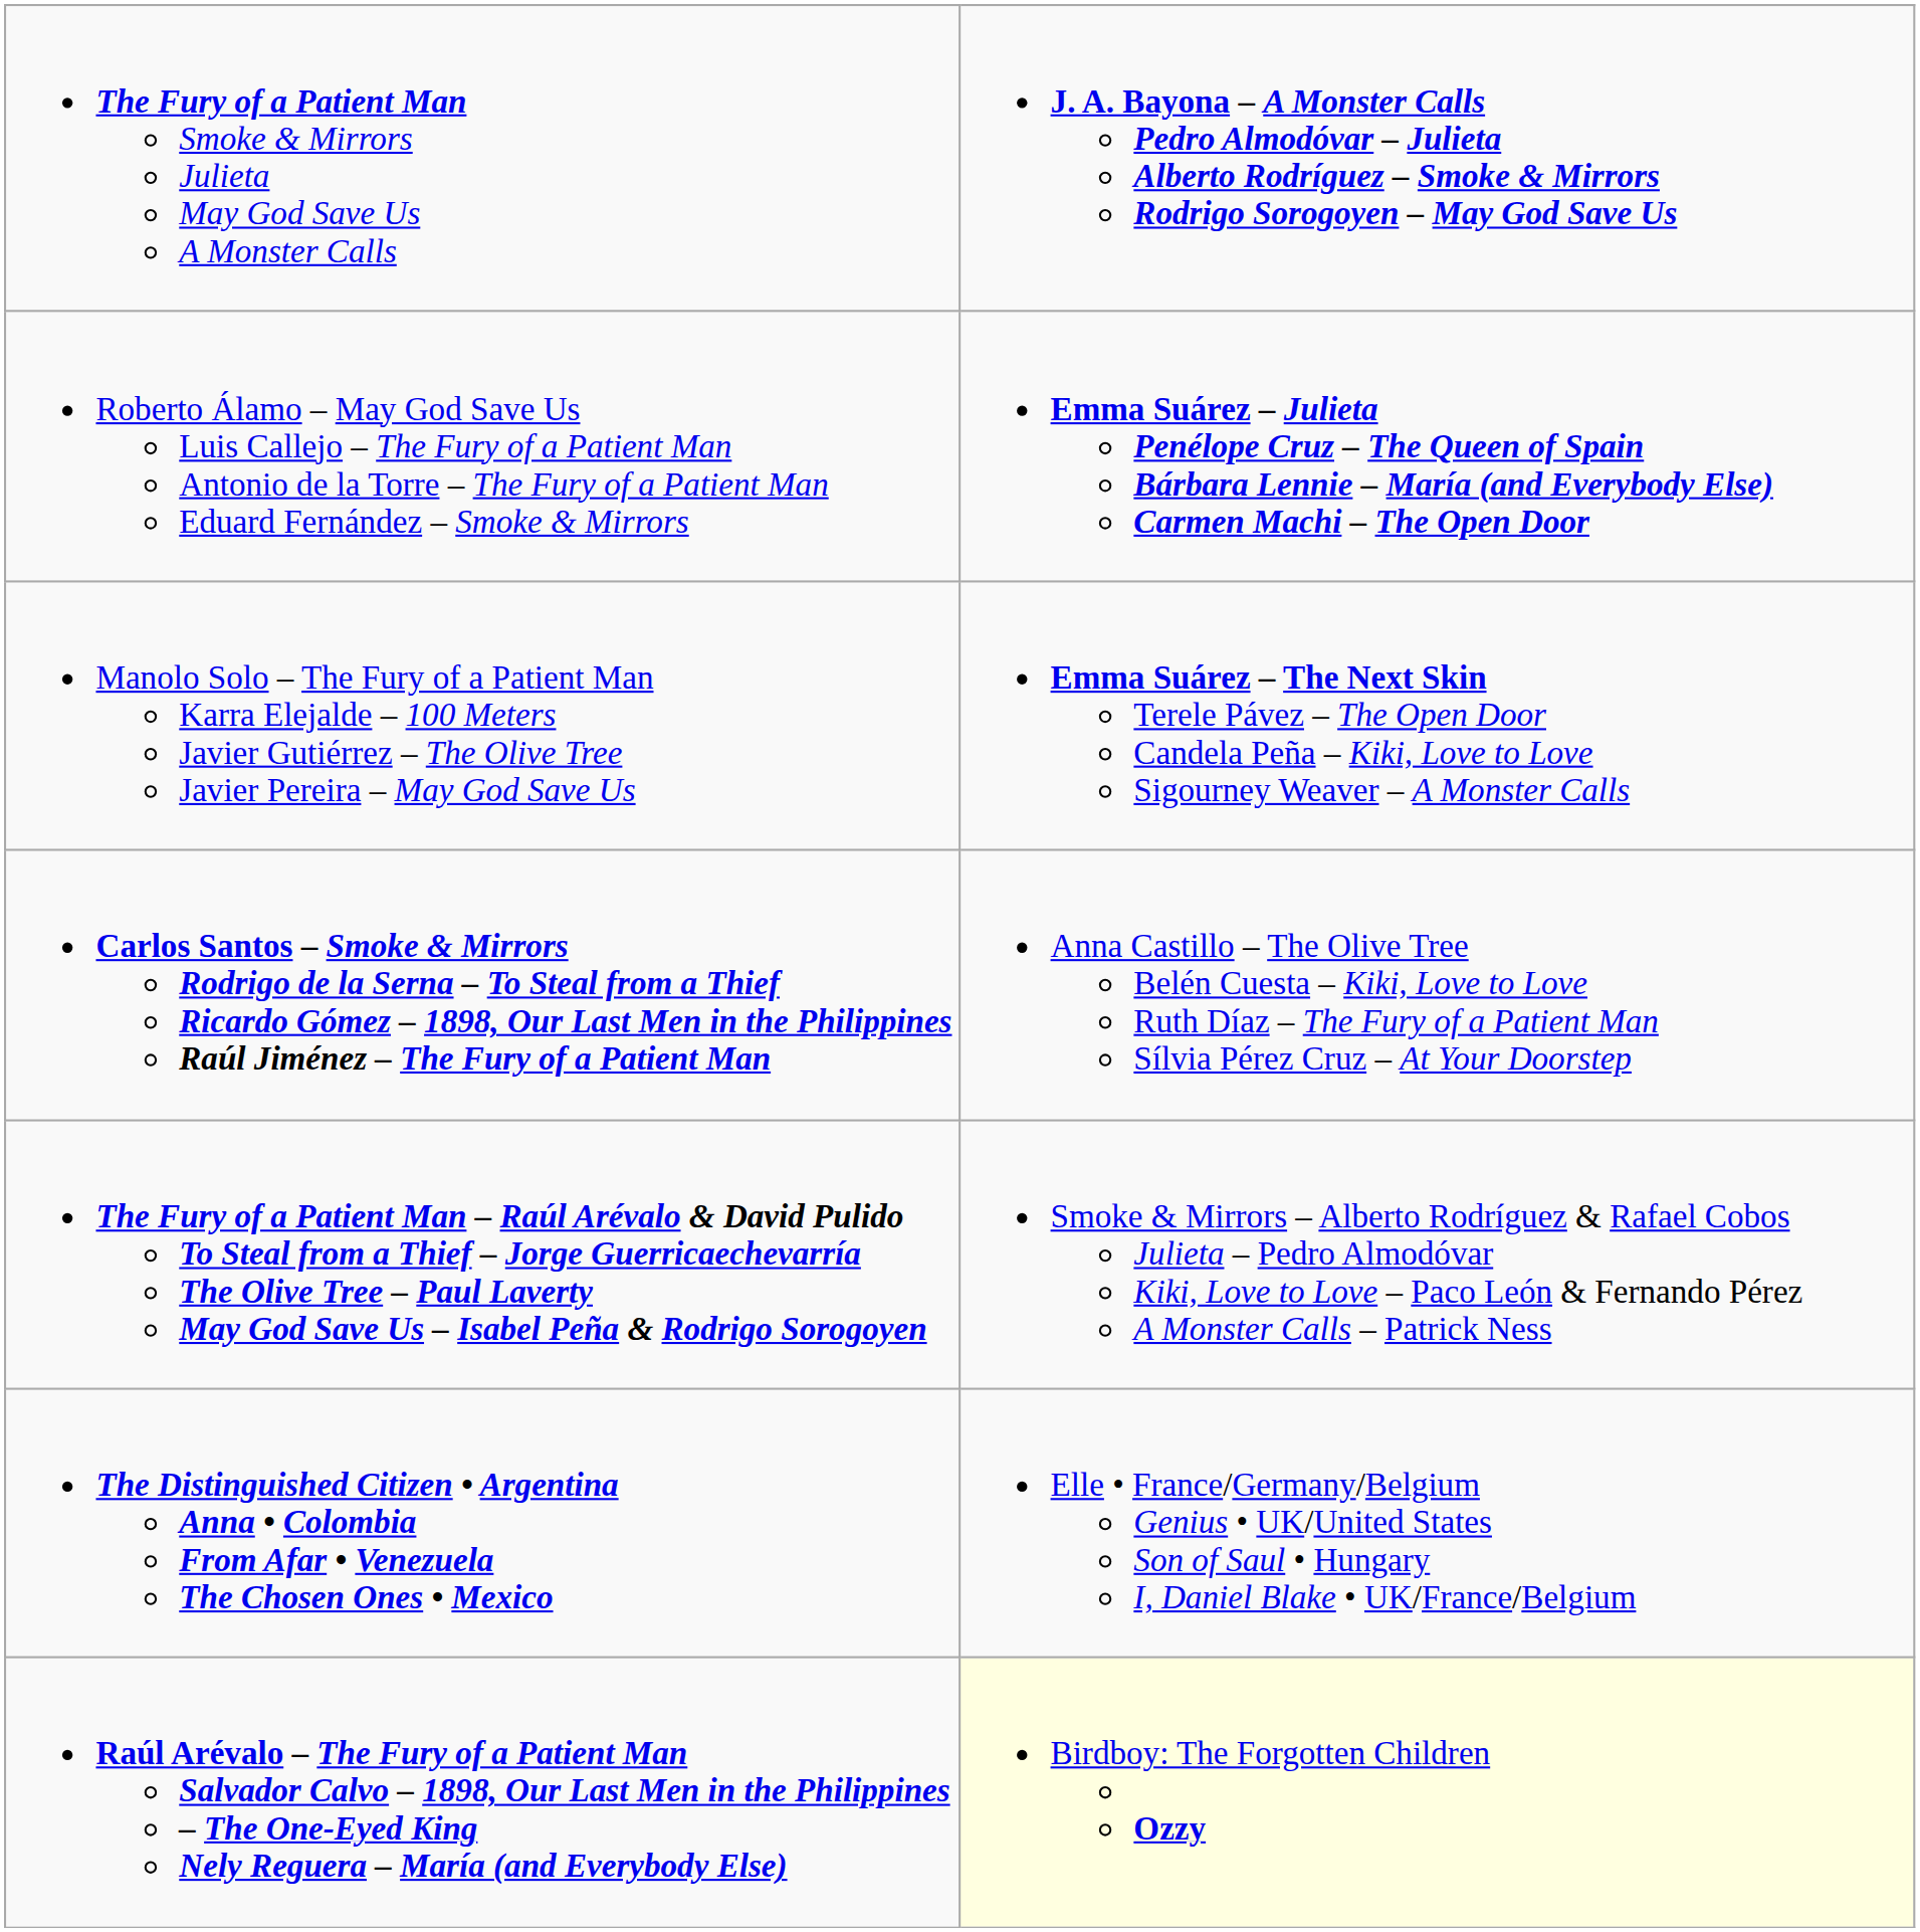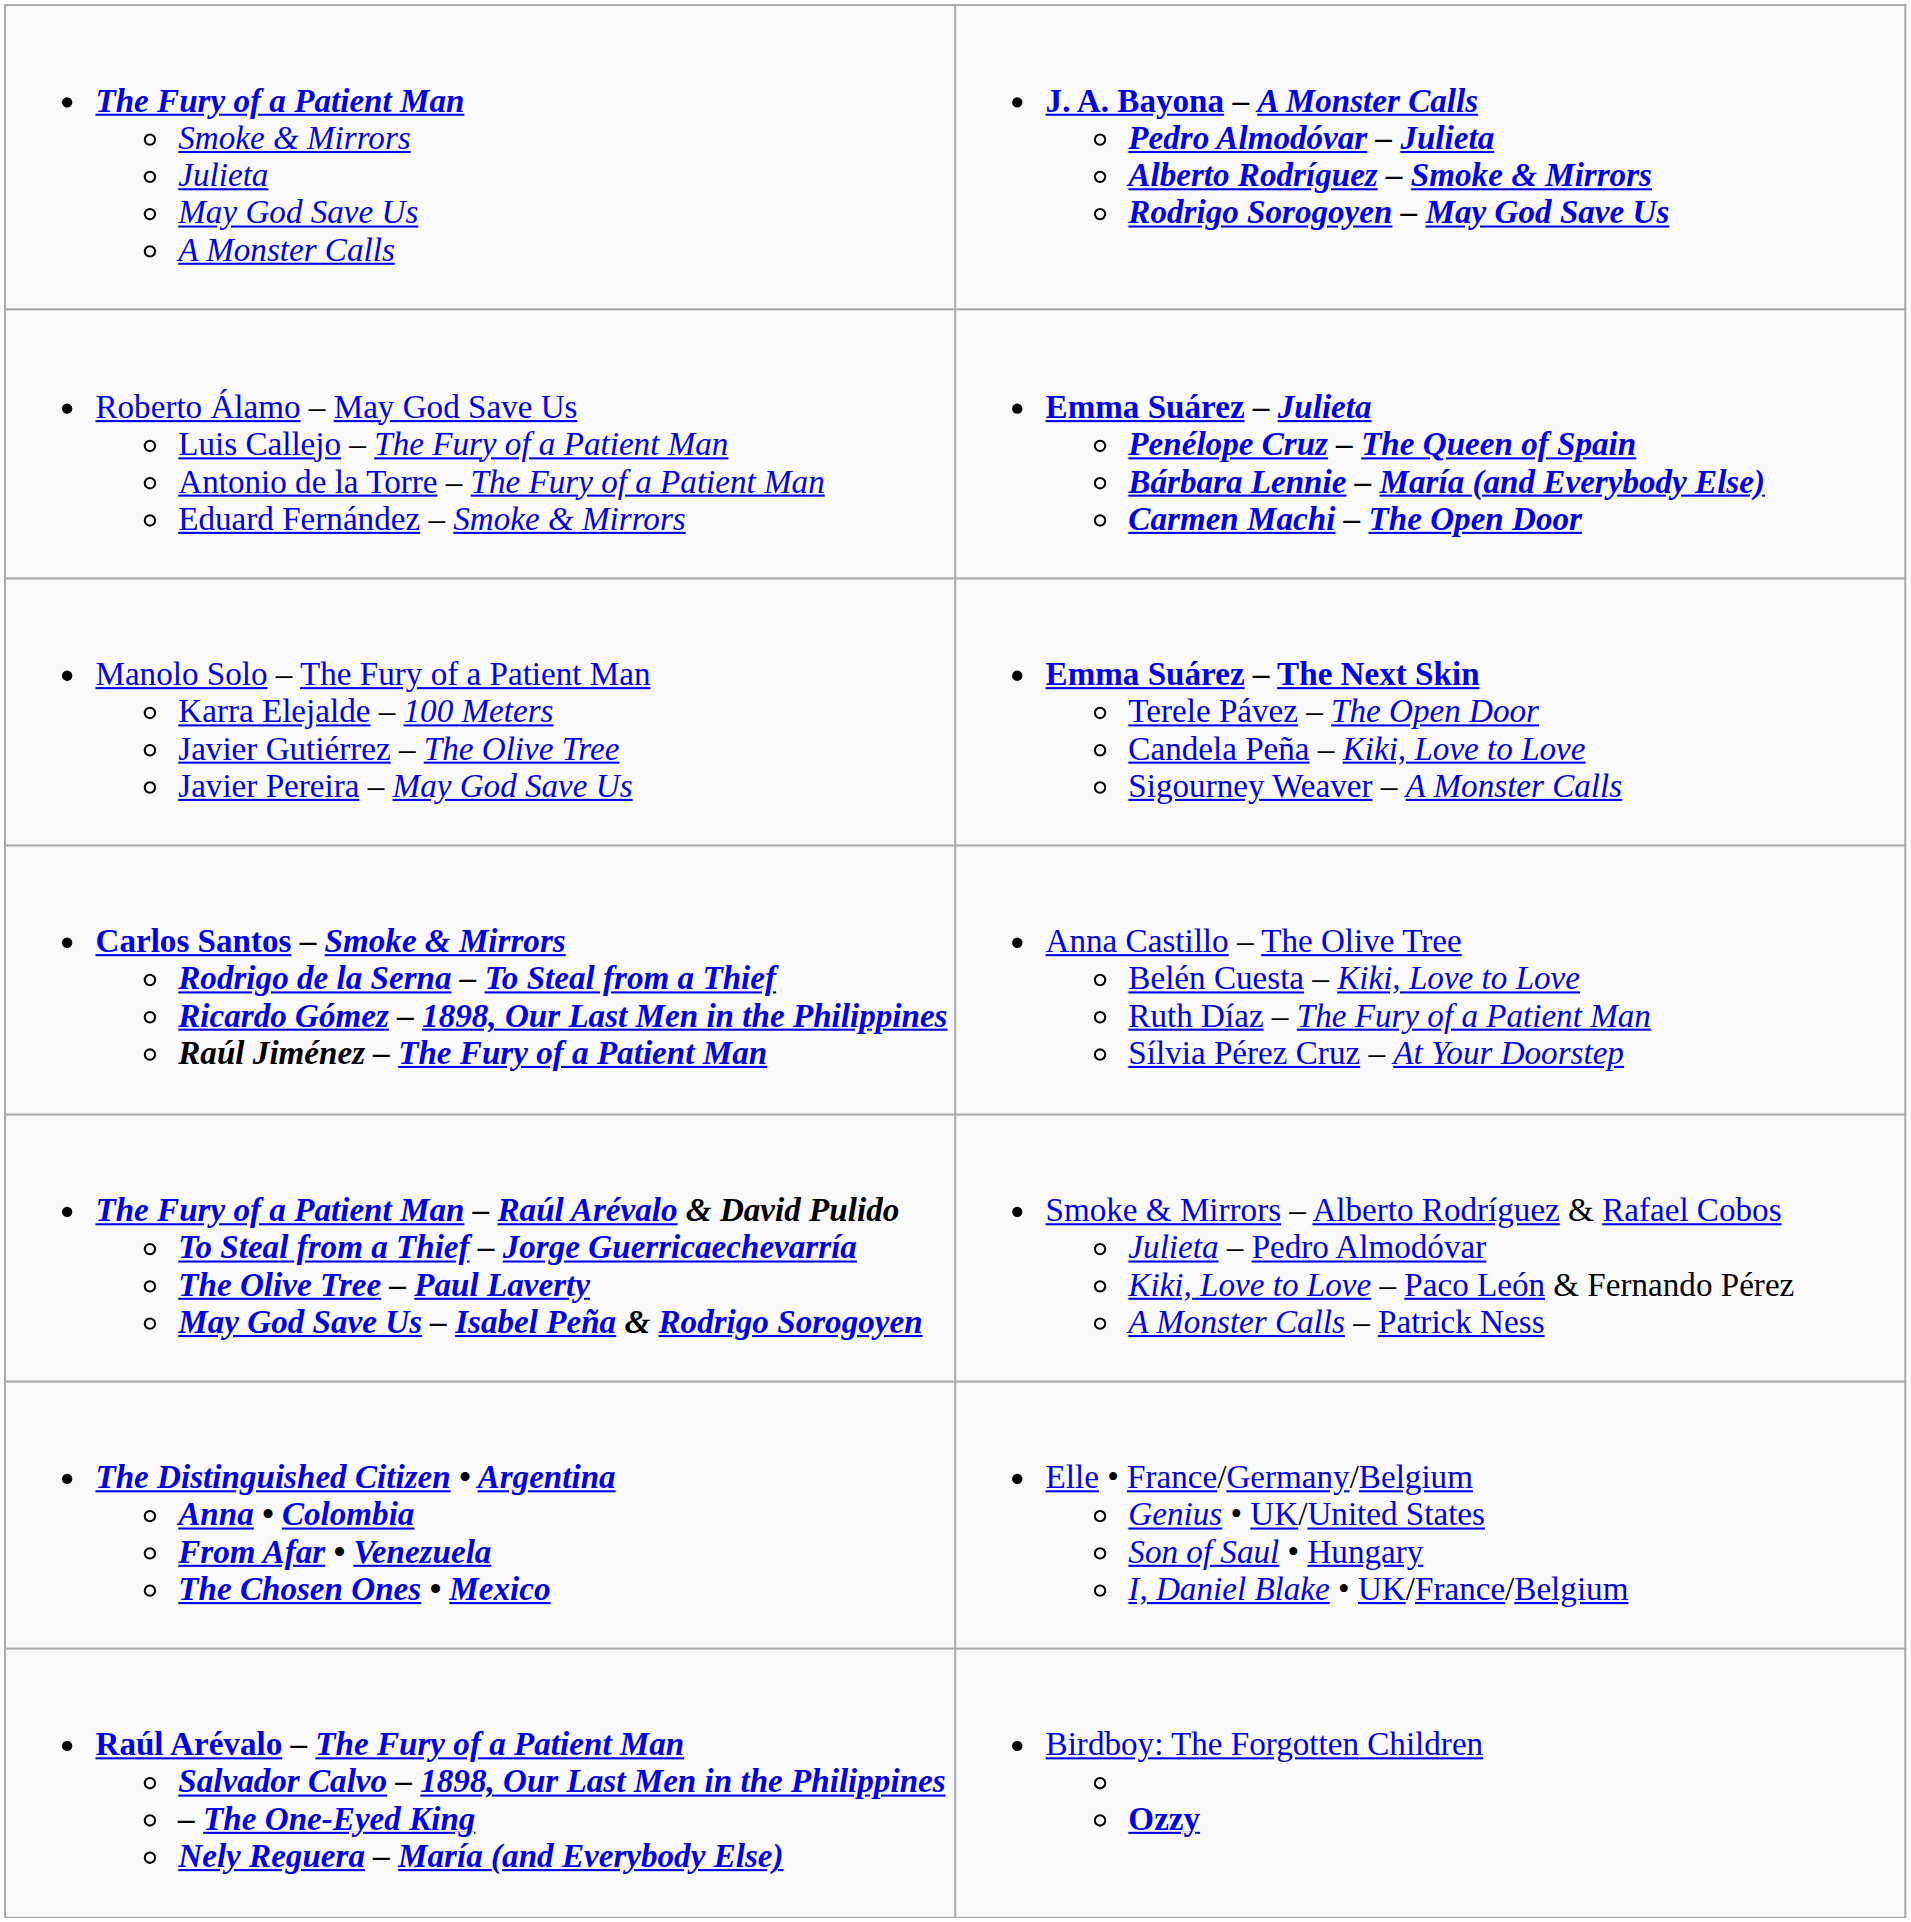 <table class=wikitable style="width="100%">
 <tr>
 <td style="vertical-align:top;" width="50%"><br><ul><li><strong><em><a href='#'>The Fury of a Patient Man</a></em></strong><ul><li><em><a href='#'>Smoke & Mirrors</a></em></li><li><em><a href='#'>Julieta</a></em></li><li><em><a href='#'>May God Save Us</a></em></li><li><em><a href='#'>A Monster Calls</a></em></li></ul></li></ul></td>
 <td style="vertical-align:top;" width="50%"><br><ul><li><strong><a href='#'>J. A. Bayona</a> – <em><a href='#'>A Monster Calls</a><strong><em><ul><li><a href='#'>Pedro Almodóvar</a> – </em><a href='#'>Julieta</a><em></li><li><a href='#'>Alberto Rodríguez</a> – </em><a href='#'>Smoke & Mirrors</a><em></li><li><a href='#'>Rodrigo Sorogoyen</a> – </em><a href='#'>May God Save Us</a><em></li></ul></li></ul></td>
 </tr>
 <tr>
 <td style="vertical-align:top;" width="50%"><br><ul><li></strong><a href='#'>Roberto Álamo</a> – </em><a href='#'>May God Save Us</a></em></strong><ul><li><a href='#'>Luis Callejo</a> – <em><a href='#'>The Fury of a Patient Man</a></em></li><li><a href='#'>Antonio de la Torre</a> – <em><a href='#'>The Fury of a Patient Man</a></em></li><li><a href='#'>Eduard Fernández</a> – <em><a href='#'>Smoke & Mirrors</a></em></li></ul></li></ul></td>
 <td style="vertical-align:top;" width="50%"><br><ul><li><strong><a href='#'>Emma Suárez</a> – <em><a href='#'>Julieta</a><strong><em><ul><li><a href='#'>Penélope Cruz</a> – </em><a href='#'>The Queen of Spain</a><em></li><li><a href='#'>Bárbara Lennie</a> – </em><a href='#'>María (and Everybody Else)</a><em></li><li><a href='#'>Carmen Machi</a> – </em><a href='#'>The Open Door</a><em></li></ul></li></ul></td>
 </tr>
 <tr>
 <td style="vertical-align:top;" width="50%"><br><ul><li></strong><a href='#'>Manolo Solo</a> – </em><a href='#'>The Fury of a Patient Man</a></em></strong><ul><li><a href='#'>Karra Elejalde</a> – <em><a href='#'>100 Meters</a></em></li><li><a href='#'>Javier Gutiérrez</a> – <em><a href='#'>The Olive Tree</a></em></li><li><a href='#'>Javier Pereira</a> – <em><a href='#'>May God Save Us</a></em></li></ul></li></ul></td>
 <td style="vertical-align:top;" width="50%"><br><ul><li><strong><a href='#'>Emma Suárez</a> – <a href='#'>The Next Skin</a></strong><ul><li><a href='#'>Terele Pávez</a> – <em><a href='#'>The Open Door</a></em></li><li><a href='#'>Candela Peña</a> – <em><a href='#'>Kiki, Love to Love</a></em></li><li><a href='#'>Sigourney Weaver</a>  – <em><a href='#'>A Monster Calls</a></em></li></ul></li></ul></td>
 </tr>
 <tr>
 <td style="vertical-align:top;" width="50%"><br><ul><li><strong><a href='#'>Carlos Santos</a> – <em><a href='#'>Smoke & Mirrors</a><strong><em><ul><li><a href='#'>Rodrigo de la Serna</a> – </em><a href='#'>To Steal from a Thief</a><em></li><li><a href='#'>Ricardo Gómez</a> – </em><a href='#'>1898, Our Last Men in the Philippines</a><em></li><li>Raúl Jiménez – </em><a href='#'>The Fury of a Patient Man</a><em></li></ul></li></ul></td>
 <td style="vertical-align:top;" width="50%"><br><ul><li></strong><a href='#'>Anna Castillo</a> – </em><a href='#'>The Olive Tree</a></em></strong><ul><li><a href='#'>Belén Cuesta</a> – <em><a href='#'>Kiki, Love to Love</a></em></li><li><a href='#'>Ruth Díaz</a> – <em><a href='#'>The Fury of a Patient Man</a></em></li><li><a href='#'>Sílvia Pérez Cruz</a> – <em><a href='#'>At Your Doorstep</a></em></li></ul></li></ul></td>
 </tr>
 <tr>
 <td style="vertical-align:top;" width="50%"><br><ul><li><strong><em><a href='#'>The Fury of a Patient Man</a><em> – <a href='#'>Raúl Arévalo</a> & David Pulido<strong><ul><li></em><a href='#'>To Steal from a Thief</a><em> – <a href='#'>Jorge Guerricaechevarría</a></li><li></em><a href='#'>The Olive Tree</a><em> – <a href='#'>Paul Laverty</a></li><li></em><a href='#'>May God Save Us</a><em> – <a href='#'>Isabel Peña</a> & <a href='#'>Rodrigo Sorogoyen</a></li></ul></li></ul></td>
 <td style="vertical-align:top;" width="50%"><br><ul><li></em></strong><a href='#'>Smoke & Mirrors</a></em> – <a href='#'>Alberto Rodríguez</a> & <a href='#'>Rafael Cobos</a></strong><ul><li><em><a href='#'>Julieta</a></em> – <a href='#'>Pedro Almodóvar</a></li><li><em><a href='#'>Kiki, Love to Love</a></em> – <a href='#'>Paco León</a> & Fernando Pérez</li><li><em><a href='#'>A Monster Calls</a></em> – <a href='#'>Patrick Ness</a></li></ul></li></ul></td>
 </tr>
 <tr>
 <td style="vertical-align:top;" width="50%"><br><ul><li><strong><em><a href='#'>The Distinguished Citizen</a><em> • <a href='#'>Argentina</a><strong><ul><li></em><a href='#'>Anna</a><em> • <a href='#'>Colombia</a></li><li></em><a href='#'>From Afar</a><em> • <a href='#'>Venezuela</a></li><li></em><a href='#'>The Chosen Ones</a><em> • <a href='#'>Mexico</a></li></ul></li></ul></td>
 <td style="vertical-align:top;" width="50%"><br><ul><li></em></strong><a href='#'>Elle</a></em> • <a href='#'>France</a>/<a href='#'>Germany</a>/<a href='#'>Belgium</a></strong><ul><li><em><a href='#'>Genius</a></em> • <a href='#'>UK</a>/<a href='#'>United States</a></li><li><em><a href='#'>Son of Saul</a></em> • <a href='#'>Hungary</a></li><li><em><a href='#'>I, Daniel Blake</a></em> • <a href='#'>UK</a>/<a href='#'>France</a>/<a href='#'>Belgium</a></li></ul></li></ul></td>
 </tr>
 <tr>
 <td style="vertical-align:top;" width="50%"><br><ul><li><strong><a href='#'>Raúl Arévalo</a> – <em><a href='#'>The Fury of a Patient Man</a><strong><em><ul><li><a href='#'>Salvador Calvo</a> – </em><a href='#'>1898, Our Last Men in the Philippines</a><em></li><li> – </em><a href='#'>The One-Eyed King</a><em></li><li><a href='#'>Nely Reguera</a> – </em><a href='#'>María (and Everybody Else)</a><em></li></ul></li></ul></td>
-<td style="background: lightyellow; vertical-align:top;" width="50%"><br><ul><li></em></strong><a href='#'>Birdboy: The Forgotten Children</a><strong><em><ul><li></em><em></li><li></em><a href='#'>Ozzy</a><em></li></ul></li></ul></td>
+<td style="vertical-align:top;" width="50%"><br><ul><li></em></strong><a href='#'>Birdboy: The Forgotten Children</a><strong><em><ul><li></em><em></li><li></em><a href='#'>Ozzy</a><em></li></ul></li></ul></td>
 </tr>
 </table>
